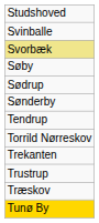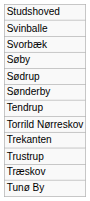 <table class="wikitable" style="float:left; margin-right:1em">
 <tr>
 <td>Studshoved</td>
 </tr>
 <tr>
 <td>Svinballe</td>
 </tr>
 <tr>
-<td style="background: khaki;">Svorbæk</td>
+<td>Svorbæk</td>
 </tr>
 <tr>
 <td>Søby</td>
 </tr>
 <tr>
 <td>Sødrup</td>
 </tr>
 <tr>
 <td>Sønderby</td>
 </tr>
 <tr>
 <td>Tendrup</td>
 </tr>
 <tr>
 <td>Torrild Nørreskov</td>
 </tr>
 <tr>
 <td>Trekanten</td>
 </tr>
 <tr>
 <td>Trustrup</td>
 </tr>
 <tr>
 <td>Træskov</td>
 </tr>
 <tr>
-<td style="background: gold;">Tunø By</td>
+<td>Tunø By</td>
 </tr>
 </table>
